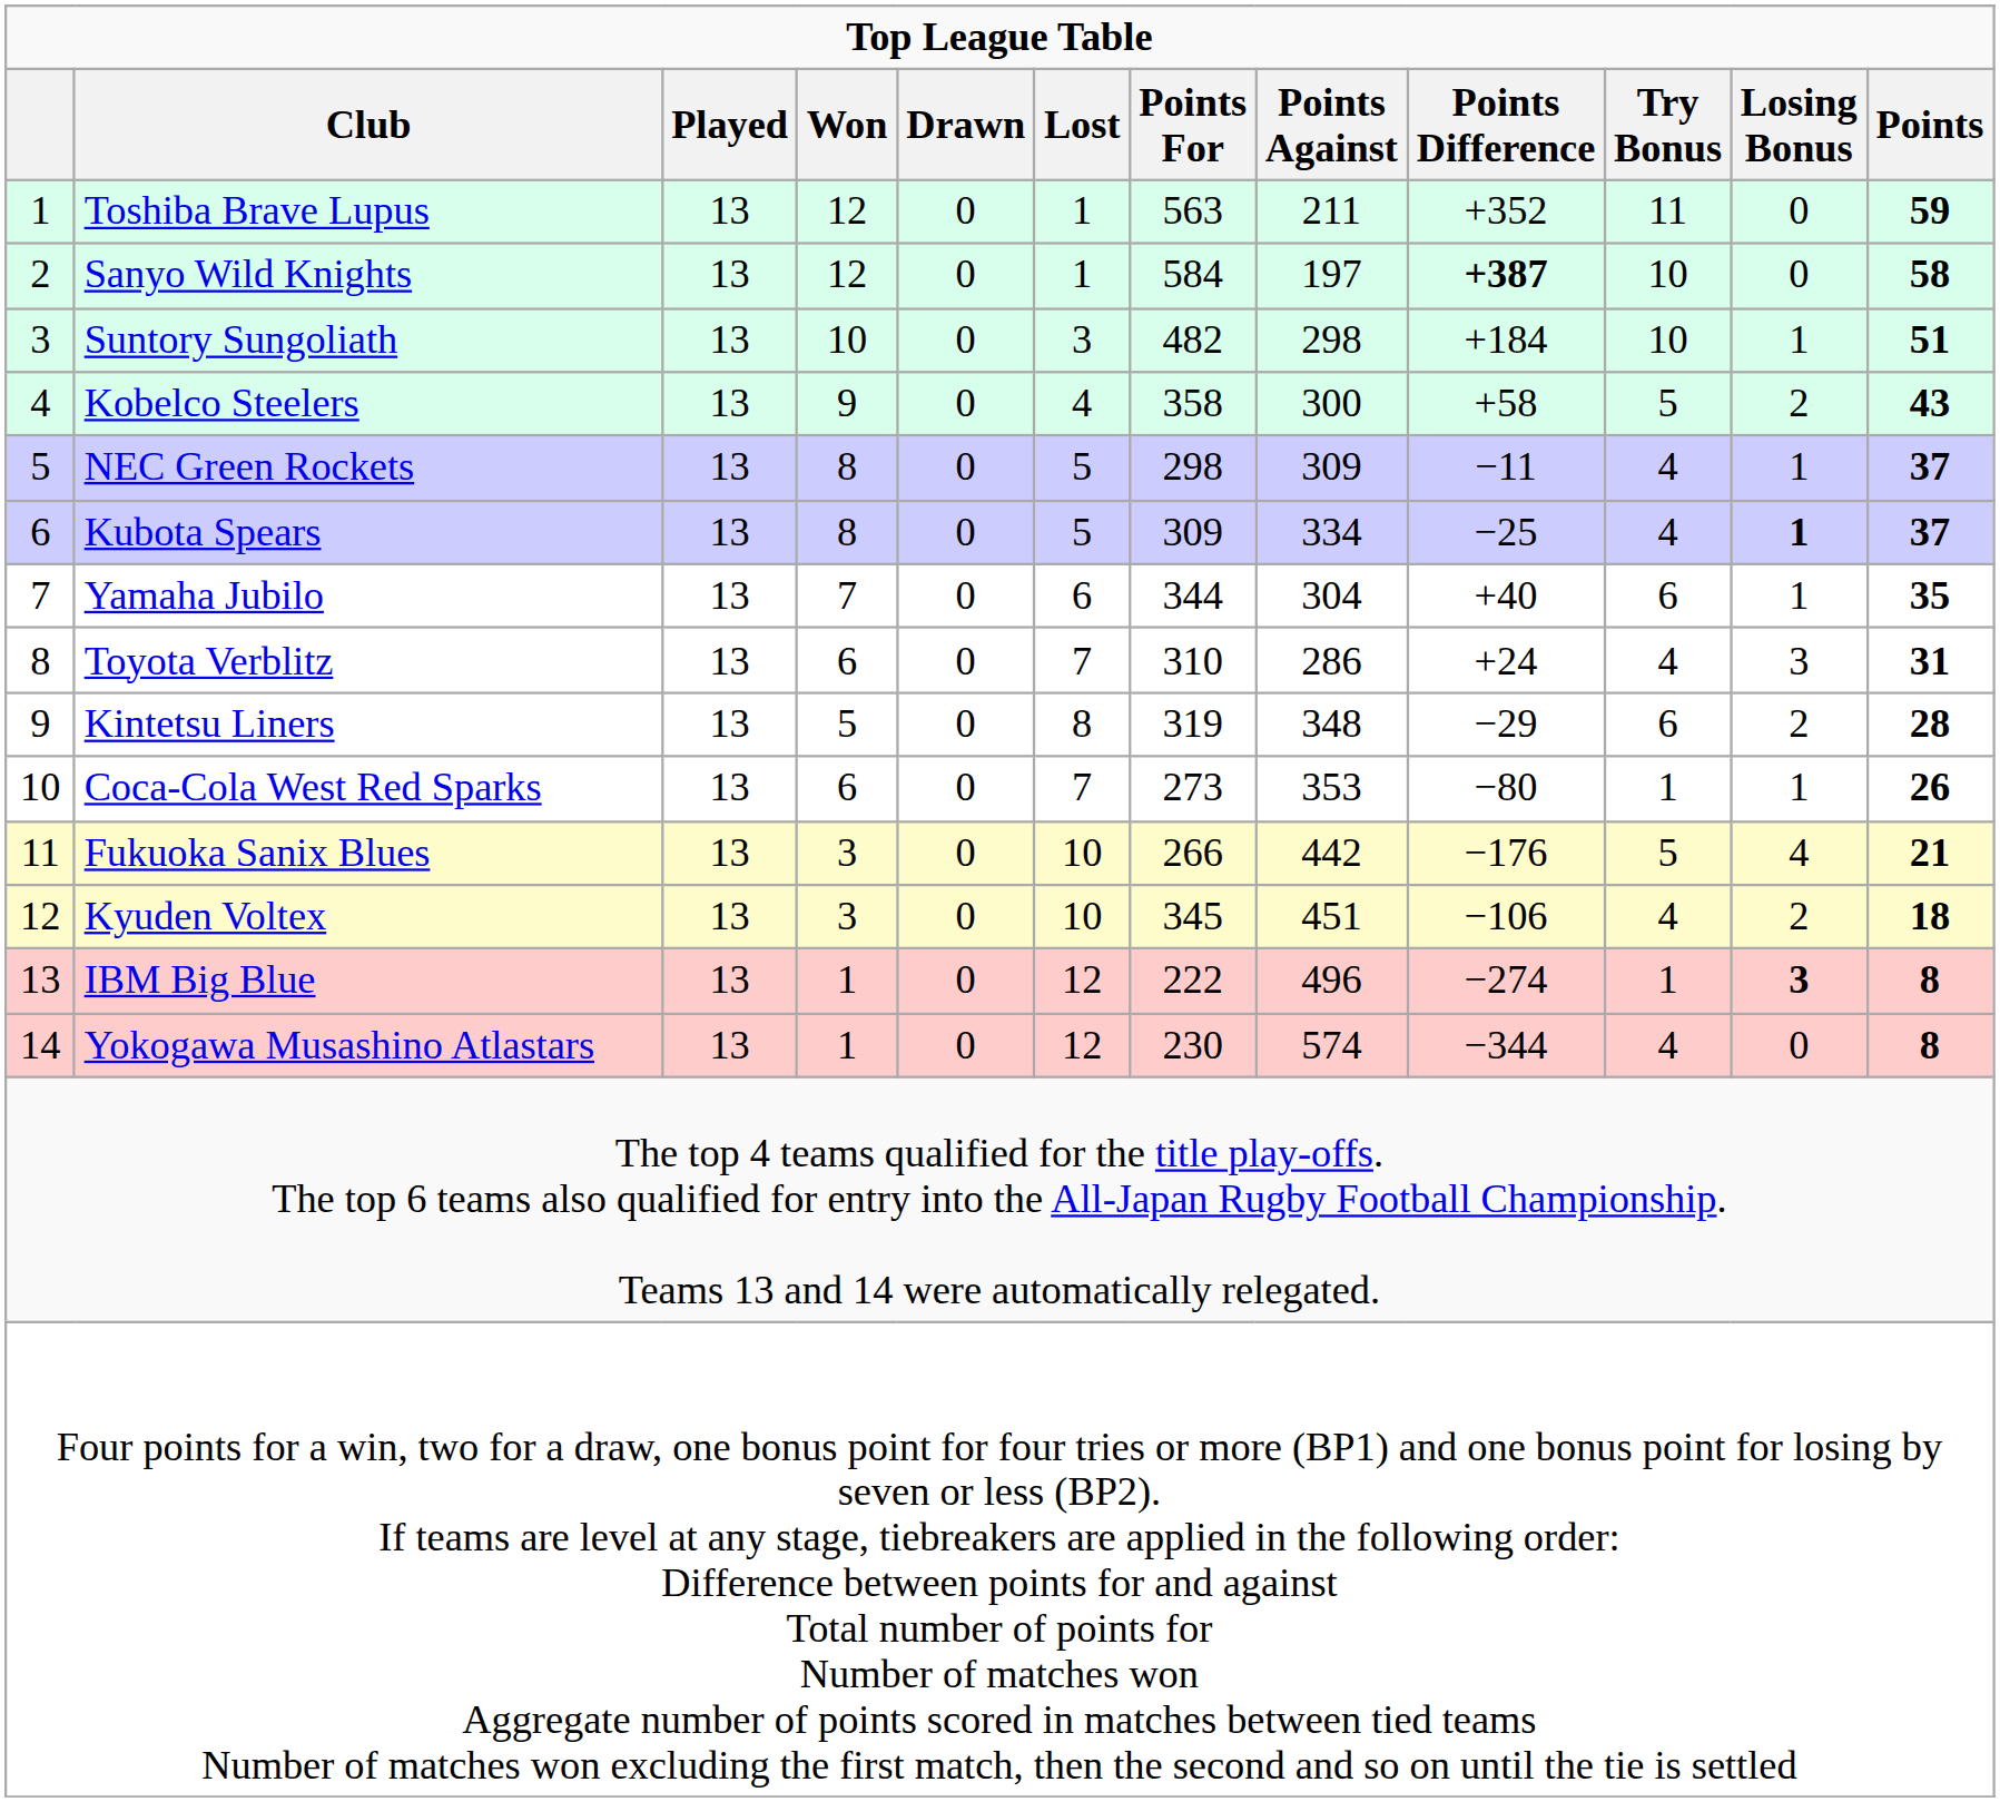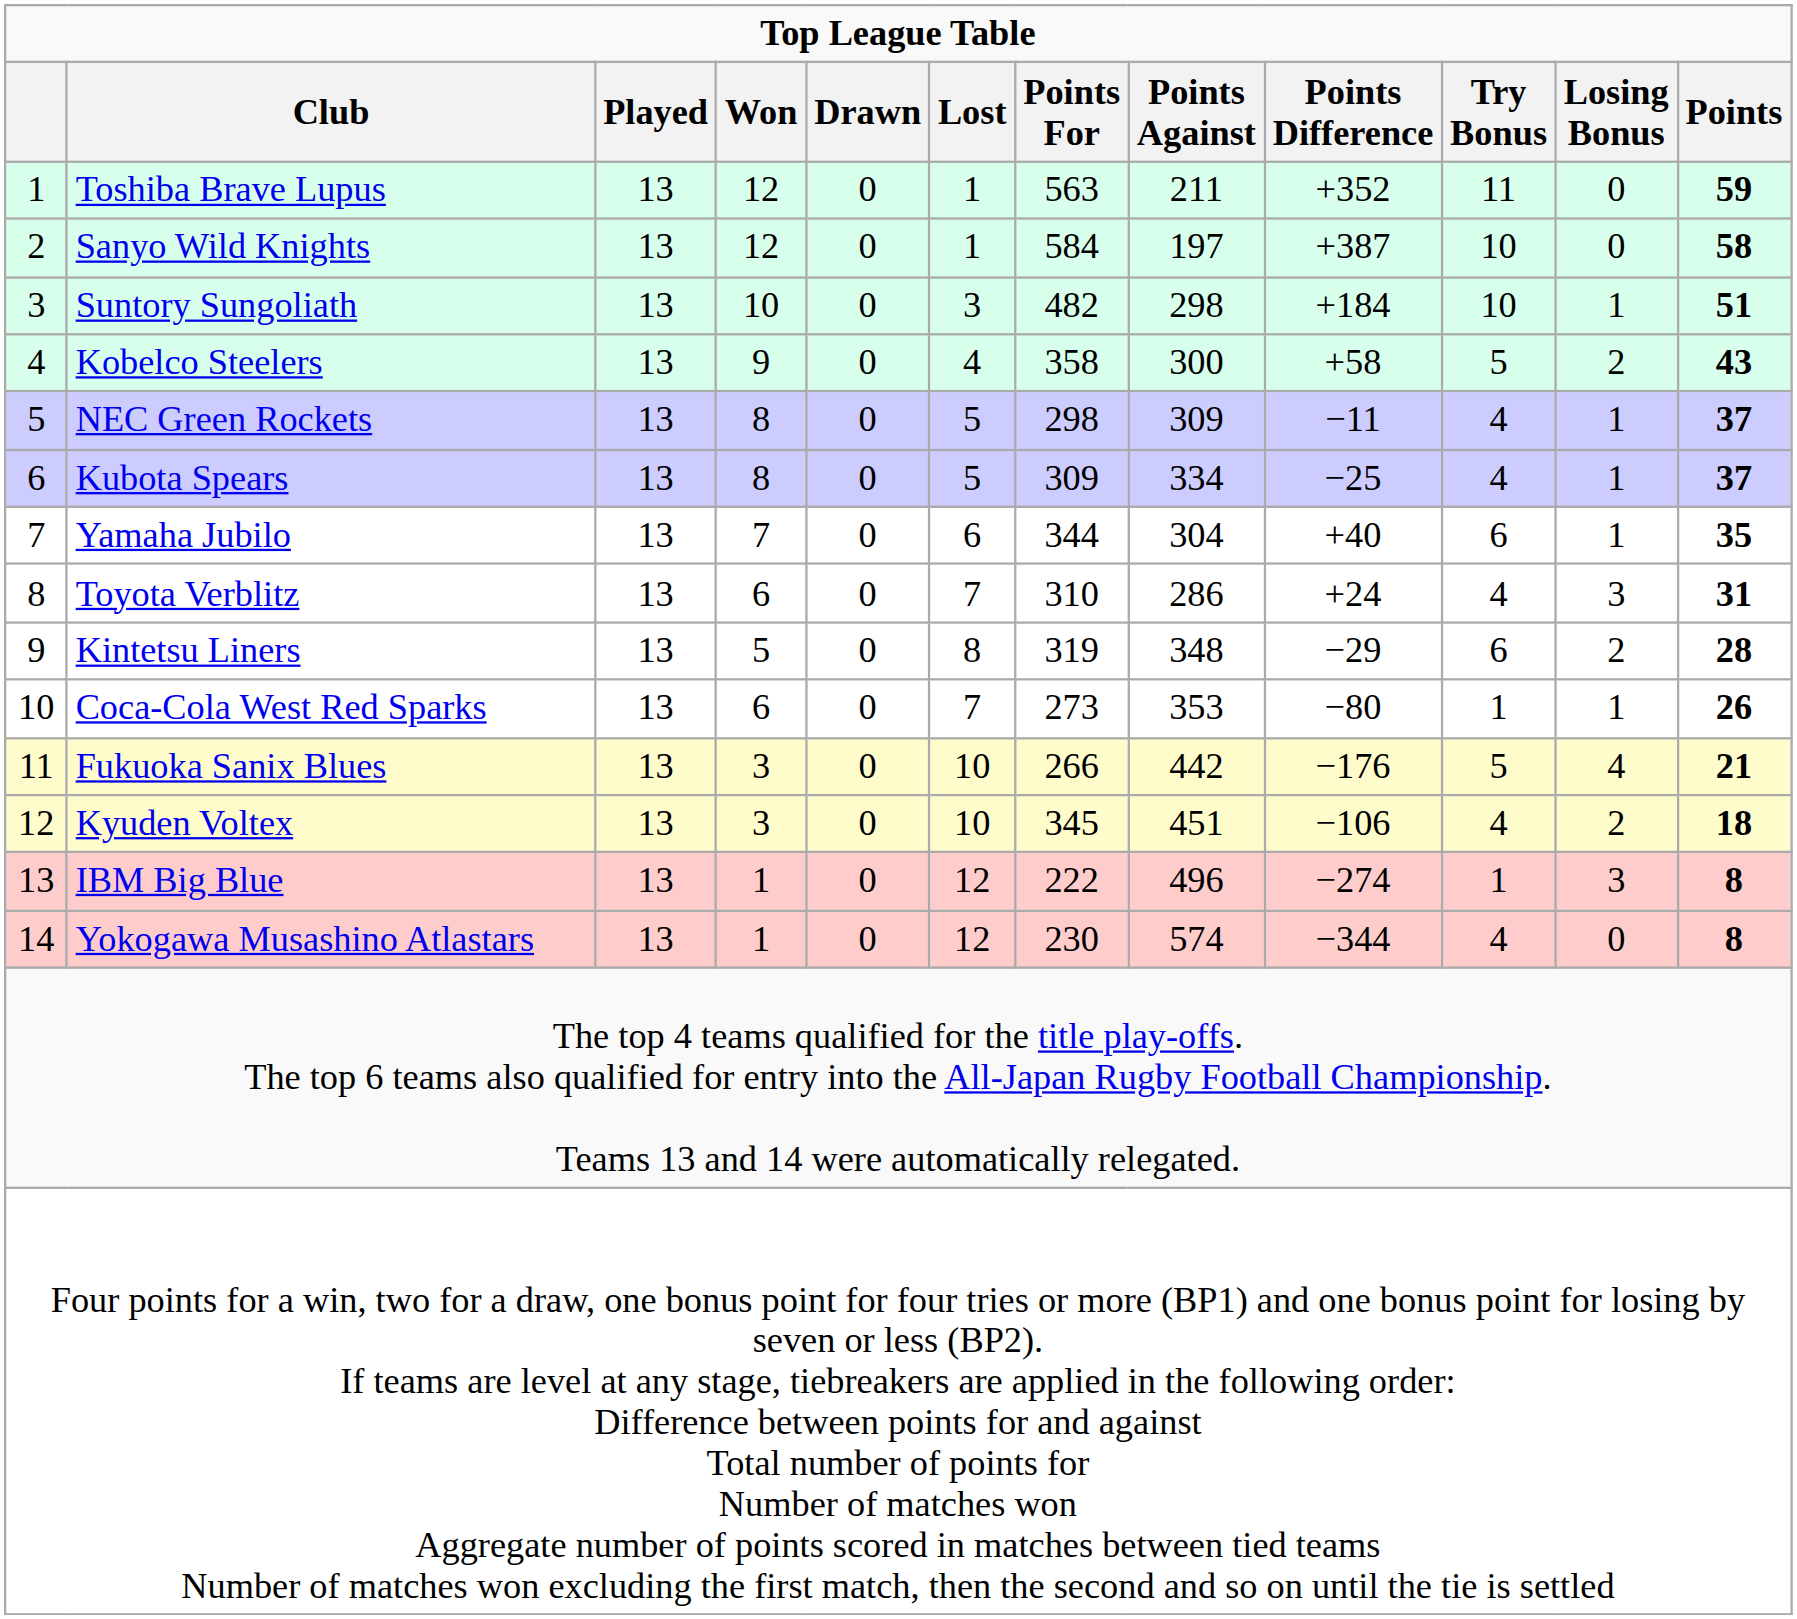 <table class="wikitable" style="text-align: center;">
 <tr>
 <td colspan="15" cellpadding="0" cellspacing="0"><strong>Top League Table</strong></td>
 </tr>
 <tr>
 <th bgcolor="#efefef" width="20"></th>
 <th bgcolor="#efefef" width="225">Club</th>
 <th bgcolor="#efefef" width="20">Played</th>
 <th bgcolor="#efefef" width="20">Won</th>
 <th bgcolor="#efefef" width="20">Drawn</th>
 <th bgcolor="#efefef" width="20">Lost</th>
 <th bgcolor="#efefef" width="20">Points For</th>
 <th bgcolor="#efefef" width="20">Points Against</th>
 <th bgcolor="#efefef" width="20">Points Difference</th>
 <th bgcolor="#efefef" width="20">Try Bonus</th>
 <th bgcolor="#efefef" width="20">Losing Bonus</th>
 <th bgcolor="#efefef" width="20">Points</th>
 </tr>
 <tr bgcolor=#d8ffeb align=center>
 <td>1</td>
 <td style="text-align:left;"> <a href='#'>Toshiba Brave Lupus</a></td>
 <td>13</td>
 <td>12</td>
 <td>0</td>
 <td>1</td>
 <td>563</td>
 <td>211</td>
 <td>+352</td>
 <td>11</td>
 <td>0</td>
 <td><strong>59</strong></td>
 </tr>
 <tr bgcolor=#d8ffeb>
 <td>2</td>
 <td style="text-align:left;"> <a href='#'>Sanyo Wild Knights</a></td>
 <td>13</td>
 <td>12</td>
 <td>0</td>
 <td>1</td>
 <td>584</td>
 <td>197</td>
-<td><strong>+387</strong></td>
+<td>+387</td>
 <td>10</td>
 <td>0</td>
 <td><strong>58</strong></td>
 </tr>
 <tr bgcolor=#d8ffeb>
 <td>3</td>
 <td style="text-align:left;"> <a href='#'>Suntory Sungoliath</a></td>
 <td>13</td>
 <td>10</td>
 <td>0</td>
 <td>3</td>
 <td>482</td>
 <td>298</td>
 <td>+184</td>
 <td>10</td>
 <td>1</td>
 <td><strong>51</strong></td>
 </tr>
 <tr bgcolor=#d8ffeb>
 <td>4</td>
 <td style="text-align:left;"> <a href='#'>Kobelco Steelers</a></td>
 <td>13</td>
 <td>9</td>
 <td>0</td>
 <td>4</td>
 <td>358</td>
 <td>300</td>
 <td>+58</td>
 <td>5</td>
 <td>2</td>
 <td><strong>43</strong></td>
 </tr>
 <tr bgcolor=#ccccff>
 <td>5</td>
 <td style="text-align:left;"> <a href='#'>NEC Green Rockets</a></td>
 <td>13</td>
 <td>8</td>
 <td>0</td>
 <td>5</td>
 <td>298</td>
 <td>309</td>
 <td>−11</td>
 <td>4</td>
 <td>1</td>
 <td><strong>37</strong></td>
 </tr>
 <tr bgcolor=#ccccff>
 <td>6</td>
 <td style="text-align:left;"> <a href='#'>Kubota Spears</a></td>
 <td>13</td>
 <td>8</td>
 <td>0</td>
 <td>5</td>
 <td>309</td>
 <td>334</td>
 <td>−25</td>
 <td>4</td>
-<td><strong>1</strong></td>
+<td>1</td>
 <td><strong>37</strong></td>
 </tr>
 <tr bgcolor=#ffffff>
 <td>7</td>
 <td style="text-align:left;"> <a href='#'>Yamaha Jubilo</a></td>
 <td>13</td>
 <td>7</td>
 <td>0</td>
 <td>6</td>
 <td>344</td>
 <td>304</td>
 <td>+40</td>
 <td>6</td>
 <td>1</td>
 <td><strong>35</strong></td>
 </tr>
 <tr bgcolor=#ffffff>
 <td>8</td>
 <td style="text-align:left;"> <a href='#'>Toyota Verblitz</a></td>
 <td>13</td>
 <td>6</td>
 <td>0</td>
 <td>7</td>
 <td>310</td>
 <td>286</td>
 <td>+24</td>
 <td>4</td>
 <td>3</td>
 <td><strong>31</strong></td>
 </tr>
 <tr bgcolor=#ffffff>
 <td>9</td>
 <td style="text-align:left;"> <a href='#'>Kintetsu Liners</a></td>
 <td>13</td>
 <td>5</td>
 <td>0</td>
 <td>8</td>
 <td>319</td>
 <td>348</td>
 <td>−29</td>
 <td>6</td>
 <td>2</td>
 <td><strong>28</strong></td>
 </tr>
 <tr bgcolor=#ffffff>
 <td>10</td>
 <td style="text-align:left;"> <a href='#'>Coca-Cola West Red Sparks</a></td>
 <td>13</td>
 <td>6</td>
 <td>0</td>
 <td>7</td>
 <td>273</td>
 <td>353</td>
 <td>−80</td>
 <td>1</td>
 <td>1</td>
 <td><strong>26</strong></td>
 </tr>
 <tr bgcolor=#fffccc>
 <td>11</td>
 <td style="text-align:left;"> <a href='#'>Fukuoka Sanix Blues</a></td>
 <td>13</td>
 <td>3</td>
 <td>0</td>
 <td>10</td>
 <td>266</td>
 <td>442</td>
 <td>−176</td>
 <td>5</td>
 <td>4</td>
 <td><strong>21</strong></td>
 </tr>
 <tr bgcolor=#fffccc>
 <td>12</td>
 <td style="text-align:left;"> <a href='#'>Kyuden Voltex</a></td>
 <td>13</td>
 <td>3</td>
 <td>0</td>
 <td>10</td>
 <td>345</td>
 <td>451</td>
 <td>−106</td>
 <td>4</td>
 <td>2</td>
 <td><strong>18</strong></td>
 </tr>
 <tr bgcolor=#ffcccc>
 <td>13</td>
 <td style="text-align:left;"> <a href='#'>IBM Big Blue</a></td>
 <td>13</td>
 <td>1</td>
 <td>0</td>
 <td>12</td>
 <td>222</td>
 <td>496</td>
 <td>−274</td>
 <td>1</td>
-<td><strong>3</strong></td>
+<td>3</td>
 <td><strong>8</strong></td>
 </tr>
 <tr bgcolor=#ffcccc>
 <td>14</td>
 <td style="text-align:left;"> <a href='#'>Yokogawa Musashino Atlastars</a></td>
 <td>13</td>
 <td>1</td>
 <td>0</td>
 <td>12</td>
 <td>230</td>
 <td>574</td>
 <td>−344</td>
 <td>4</td>
 <td>0</td>
 <td><strong>8</strong></td>
 </tr>
 <tr align=center>
 <td colspan="15" style="border:0px"><br> The top 4 teams qualified for the <a href='#'>title play-offs</a>.<br> The top 6 teams also qualified for entry into the <a href='#'>All-Japan Rugby Football Championship</a>.<br> <br>  Teams 13 and 14 were automatically relegated.</td>
 </tr>
 <tr bgcolor=#ffffff align=center>
 <td colspan="15"><br><br>Four points for a win, two for a draw, one bonus point for four tries or more (BP1) and one bonus point for losing by seven or less (BP2).<br> If teams are level at any stage, tiebreakers are applied in the following order:<br>  Difference between points for and against<br>  Total number of points for<br>  Number of matches won<br>  Aggregate number of points scored in matches between tied teams<br>  Number of matches won excluding the first match, then the second and so on until the tie is settled<br></td>
 </tr>
 <tr |align=left|>
 </tr>
 </table>
